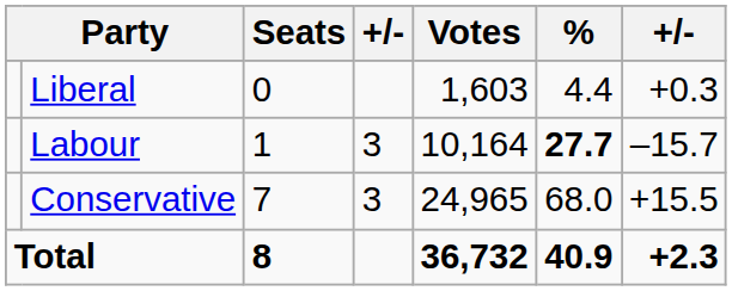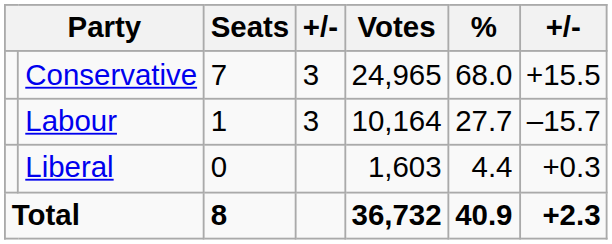 <table class="wikitable sortable">
 <tr>
 <th colspan="2">Party</th>
 <th>Seats</th>
 <th>+/-</th>
 <th>Votes</th>
 <th>%</th>
 <th>+/-</th>
 </tr>
 <tr>
 <td style="background-color: "></td>
-<td><a href='#'>Liberal</a></td>
-<td>0</td>
-<td></td>
-<td style="text-align:right;">1,603</td>
-<td style="text-align:right;">4.4</td>
-<td style="text-align:right;">+0.3</td>
+<td><a href='#'>Conservative</a></td>
+<td>7</td>
+<td> 3</td>
+<td style="text-align:right;">24,965</td>
+<td style="text-align:right;">68.0</td>
+<td style="text-align:right;">+15.5</td>
 </tr>
 <tr>
 <td style="background-color: "></td>
 <td><a href='#'>Labour</a></td>
 <td>1</td>
 <td> 3</td>
 <td style="text-align:right;">10,164</td>
-<td style="text-align:right;"><strong>27.7</strong></td>
+<td style="text-align:right;">27.7</td>
 <td style="text-align:right;">–15.7</td>
 </tr>
 <tr>
 <td style="background-color: "></td>
-<td><a href='#'>Conservative</a></td>
-<td>7</td>
-<td> 3</td>
-<td style="text-align:right;">24,965</td>
-<td style="text-align:right;">68.0</td>
-<td style="text-align:right;">+15.5</td>
+<td><a href='#'>Liberal</a></td>
+<td>0</td>
+<td></td>
+<td style="text-align:right;">1,603</td>
+<td style="text-align:right;">4.4</td>
+<td style="text-align:right;">+0.3</td>
 </tr>
 <tr>
 <td colspan="2"><strong>Total</strong></td>
 <td><strong>8</strong></td>
 <td></td>
 <td style="text-align:right;"><strong>36,732</strong></td>
 <td style="text-align:right;"><strong>40.9</strong></td>
 <td style="text-align:right;"><strong>+2.3</strong></td>
 </tr>
 </table>
